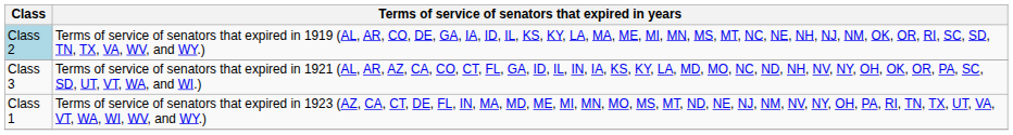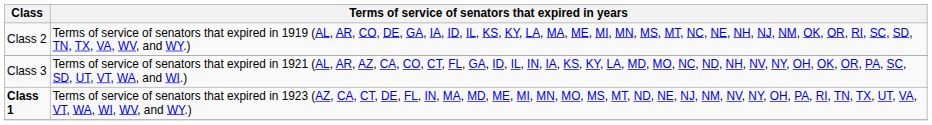 <table class="wikitable sortable">
 <tr valign=bottom>
 <th>Class</th>
 <th>Terms of service of senators that expired in years</th>
 </tr>
 <tr>
-<td style="background: lightblue;">Class 2</td>
+<td>Class 2</td>
 <td>Terms of service of senators that expired in 1919 (<a href='#'>AL</a>, <a href='#'>AR</a>, <a href='#'>CO</a>, <a href='#'>DE</a>, <a href='#'>GA</a>, <a href='#'>IA</a>, <a href='#'>ID</a>, <a href='#'>IL</a>, <a href='#'>KS</a>, <a href='#'>KY</a>, <a href='#'>LA</a>, <a href='#'>MA</a>, <a href='#'>ME</a>, <a href='#'>MI</a>, <a href='#'>MN</a>, <a href='#'>MS</a>, <a href='#'>MT</a>, <a href='#'>NC</a>, <a href='#'>NE</a>, <a href='#'>NH</a>, <a href='#'>NJ</a>, <a href='#'>NM</a>, <a href='#'>OK</a>, <a href='#'>OR</a>, <a href='#'>RI</a>, <a href='#'>SC</a>, <a href='#'>SD</a>, <a href='#'>TN</a>, <a href='#'>TX</a>, <a href='#'>VA</a>, <a href='#'>WV</a>, and <a href='#'>WY</a>.)</td>
 </tr>
 <tr>
 </tr>
 <tr>
 <td>Class 3</td>
 <td>Terms of service of senators that expired in 1921 (<a href='#'>AL</a>, <a href='#'>AR</a>, <a href='#'>AZ</a>, <a href='#'>CA</a>, <a href='#'>CO</a>, <a href='#'>CT</a>, <a href='#'>FL</a>, <a href='#'>GA</a>, <a href='#'>ID</a>, <a href='#'>IL</a>, <a href='#'>IN</a>, <a href='#'>IA</a>, <a href='#'>KS</a>, <a href='#'>KY</a>, <a href='#'>LA</a>, <a href='#'>MD</a>, <a href='#'>MO</a>, <a href='#'>NC</a>, <a href='#'>ND</a>, <a href='#'>NH</a>, <a href='#'>NV</a>, <a href='#'>NY</a>, <a href='#'>OH</a>, <a href='#'>OK</a>, <a href='#'>OR</a>, <a href='#'>PA</a>, <a href='#'>SC</a>, <a href='#'>SD</a>, <a href='#'>UT</a>, <a href='#'>VT</a>, <a href='#'>WA</a>, and <a href='#'>WI</a>.)</td>
 </tr>
 <tr>
-<td>Class 1</td>
+<td><strong>Class 1</strong></td>
 <td>Terms of service of senators that expired in 1923 (<a href='#'>AZ</a>, <a href='#'>CA</a>, <a href='#'>CT</a>, <a href='#'>DE</a>, <a href='#'>FL</a>, <a href='#'>IN</a>, <a href='#'>MA</a>, <a href='#'>MD</a>, <a href='#'>ME</a>, <a href='#'>MI</a>, <a href='#'>MN</a>, <a href='#'>MO</a>, <a href='#'>MS</a>, <a href='#'>MT</a>, <a href='#'>ND</a>, <a href='#'>NE</a>, <a href='#'>NJ</a>, <a href='#'>NM</a>, <a href='#'>NV</a>, <a href='#'>NY</a>, <a href='#'>OH</a>, <a href='#'>PA</a>, <a href='#'>RI</a>, <a href='#'>TN</a>, <a href='#'>TX</a>, <a href='#'>UT</a>, <a href='#'>VA</a>, <a href='#'>VT</a>, <a href='#'>WA</a>, <a href='#'>WI</a>, <a href='#'>WV</a>, and <a href='#'>WY</a>.)</td>
 </tr>
 <tr>
 </tr>
 </table>
